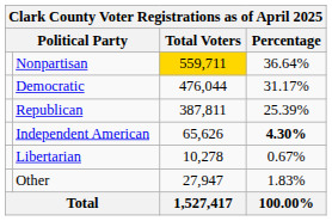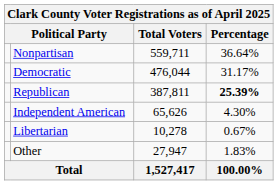 <table class="wikitable">
 <tr>
 <th colspan="6">Clark County Voter Registrations as of April 2025</th>
 </tr>
 <tr>
 <th colspan="2">Political Party</th>
 <th>Total Voters</th>
 <th>Percentage</th>
 </tr>
 <tr>
 <td></td>
 <td><a href='#'>Nonpartisan</a></td>
-<td align="center" style="background: gold;">559,711</td>
+<td align="center">559,711</td>
 <td align="center">36.64%</td>
 </tr>
 <tr>
 <td></td>
 <td><a href='#'>Democratic</a></td>
 <td align="center">476,044</td>
 <td align="center">31.17%</td>
 </tr>
 <tr>
 <td></td>
 <td><a href='#'>Republican</a></td>
 <td align="center">387,811</td>
-<td align="center">25.39%</td>
+<td align="center"><strong>25.39%</strong></td>
 </tr>
 <tr>
 <td></td>
 <td><a href='#'>Independent American</a></td>
 <td align="center">65,626</td>
-<td align="center"><strong>4.30%</strong></td>
+<td align="center">4.30%</td>
 </tr>
 <tr>
 <td></td>
 <td><a href='#'>Libertarian</a></td>
 <td align="center">10,278</td>
 <td align="center">0.67%</td>
 </tr>
 <tr>
 <td></td>
 <td>Other</td>
 <td align="center">27,947</td>
 <td align="center">1.83%</td>
 </tr>
 <tr>
 <th colspan="2">Total</th>
 <th align="center">1,527,417</th>
 <th align="center">100.00%</th>
 </tr>
 </table>
